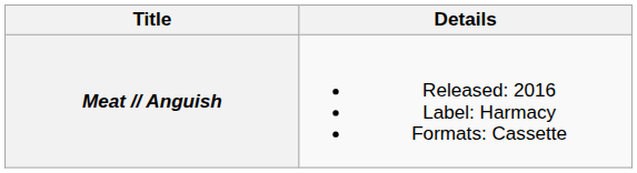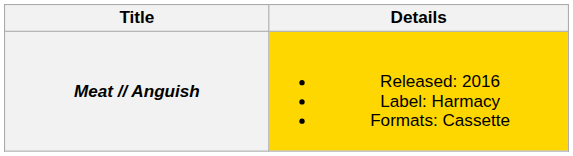 <table class="wikitable plainrowheaders" style="text-align:center;">
 <tr>
 <th scope="col" style="width:15em;">Title</th>
 <th scope="col" style="width:17em;">Details</th>
 </tr>
 <tr>
 <th scope="row"><em>Meat // Anguish</em></th>
-<td><br><ul><li>Released: 2016</li><li>Label: Harmacy</li><li>Formats: Cassette</li></ul></td>
+<td style="background: gold;"><br><ul><li>Released: 2016</li><li>Label: Harmacy</li><li>Formats: Cassette</li></ul></td>
 </tr>
 </table>
